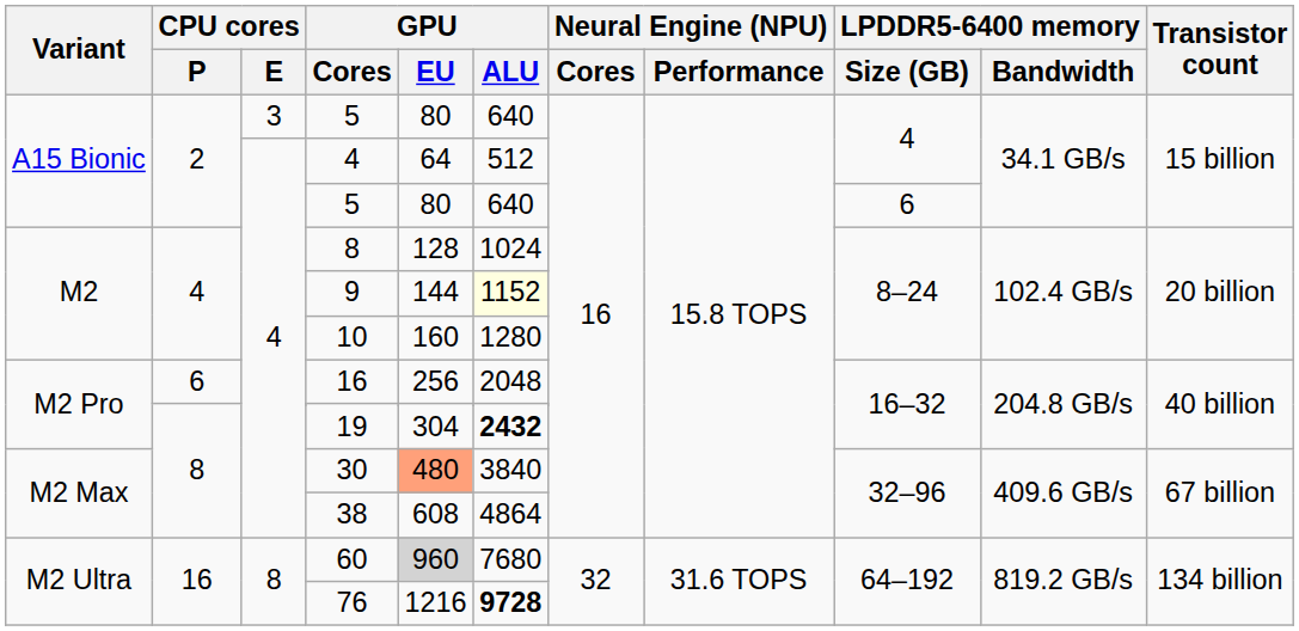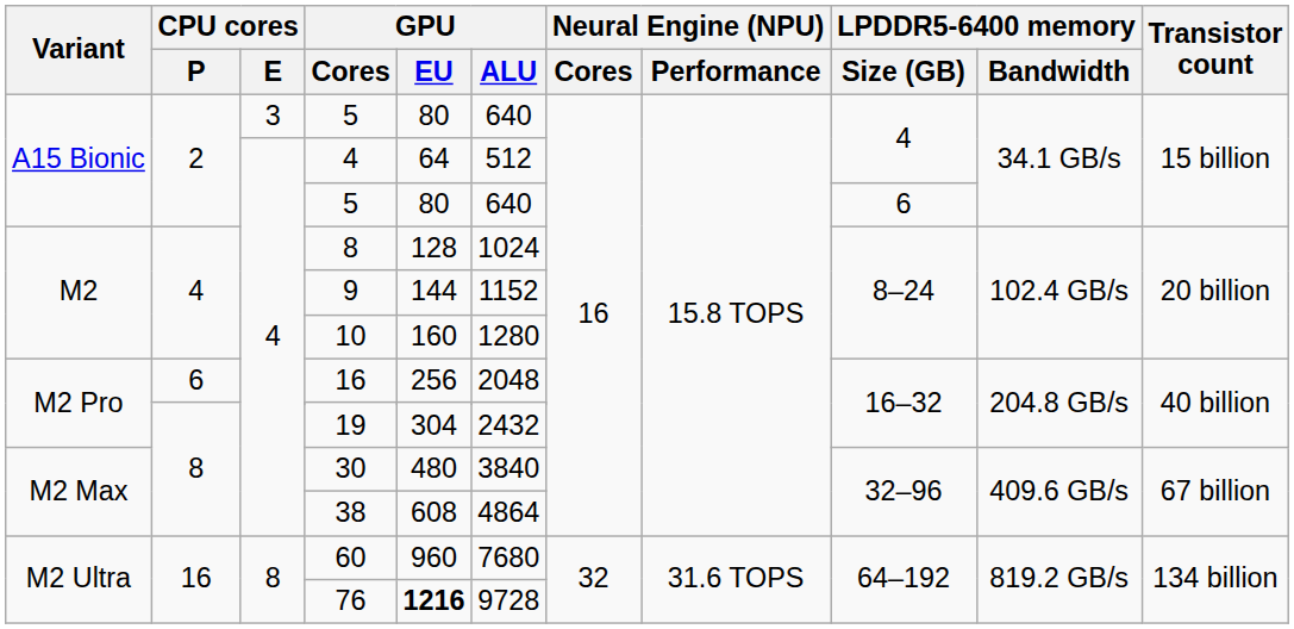 <table class="wikitable sortable" style="text-align: center;">
 <tr>
 <th rowspan="2">Variant</th>
 <th colspan="2">CPU cores</th>
 <th colspan="3">GPU</th>
 <th colspan="2">Neural Engine (NPU)</th>
 <th colspan="2">LPDDR5-6400 memory</th>
 <th rowspan="2">Transistor<br>count</th>
 </tr>
 <tr>
 <th>P</th>
 <th>E</th>
 <th>Cores</th>
 <th><a href='#'>EU</a></th>
 <th><a href='#'>ALU</a></th>
 <th>Cores</th>
 <th>Performance</th>
 <th>Size (GB)</th>
 <th>Bandwidth</th>
 </tr>
 <tr>
 <td rowspan="3"><a href='#'>A15 Bionic</a></td>
 <td rowspan="3">2</td>
 <td>3</td>
 <td>5</td>
 <td>80</td>
 <td>640</td>
 <td rowspan="11">16</td>
 <td rowspan="11">15.8 TOPS</td>
 <td rowspan="2">4</td>
 <td rowspan="3">34.1 GB/s</td>
 <td rowspan="3">15 billion</td>
 </tr>
 <tr>
 <td rowspan="10">4</td>
 <td>4</td>
 <td>64</td>
 <td>512</td>
 </tr>
 <tr>
 <td>5</td>
 <td>80</td>
 <td>640</td>
 <td>6</td>
 </tr>
 <tr>
 <td rowspan="3">M2</td>
 <td rowspan="3">4</td>
 <td>8</td>
 <td>128</td>
 <td>1024</td>
 <td rowspan="3">8–24</td>
 <td rowspan="3">102.4 GB/s</td>
 <td rowspan="3">20 billion</td>
 </tr>
 <tr>
 <td>9</td>
 <td>144</td>
-<td style="background: lightyellow;">1152</td>
+<td>1152</td>
 </tr>
 <tr>
 <td>10</td>
 <td>160</td>
 <td>1280</td>
 </tr>
 <tr>
 <td rowspan="3">M2 Pro</td>
 <td>6</td>
 <td rowspan="2">16</td>
 <td rowspan="2">256</td>
 <td rowspan="2">2048</td>
 <td rowspan="3">16–32</td>
 <td rowspan="3">204.8 GB/s</td>
 <td rowspan="3">40 billion</td>
 </tr>
 <tr>
 <td rowspan="4">8</td>
 </tr>
 <tr>
 <td>19</td>
 <td>304</td>
-<td><strong>2432</strong></td>
+<td>2432</td>
 </tr>
 <tr>
 <td rowspan="2">M2 Max</td>
 <td>30</td>
-<td style="background: lightsalmon;">480</td>
+<td>480</td>
 <td>3840</td>
 <td rowspan="2">32–96</td>
 <td rowspan="2">409.6 GB/s</td>
 <td rowspan="2">67 billion</td>
 </tr>
 <tr>
 <td>38</td>
 <td>608</td>
 <td>4864</td>
 </tr>
 <tr>
 <td rowspan="2">M2 Ultra</td>
 <td rowspan="2">16</td>
 <td rowspan="2">8</td>
 <td>60</td>
-<td style="background: lightgrey;">960</td>
+<td>960</td>
 <td>7680</td>
 <td rowspan="2">32</td>
 <td rowspan="2">31.6 TOPS</td>
 <td rowspan="2">64–192</td>
 <td rowspan="2">819.2 GB/s</td>
 <td rowspan="2">134 billion</td>
 </tr>
 <tr>
 <td>76</td>
-<td>1216</td>
-<td><strong>9728</strong></td>
+<td><strong>1216</strong></td>
+<td>9728</td>
 </tr>
 </table>
